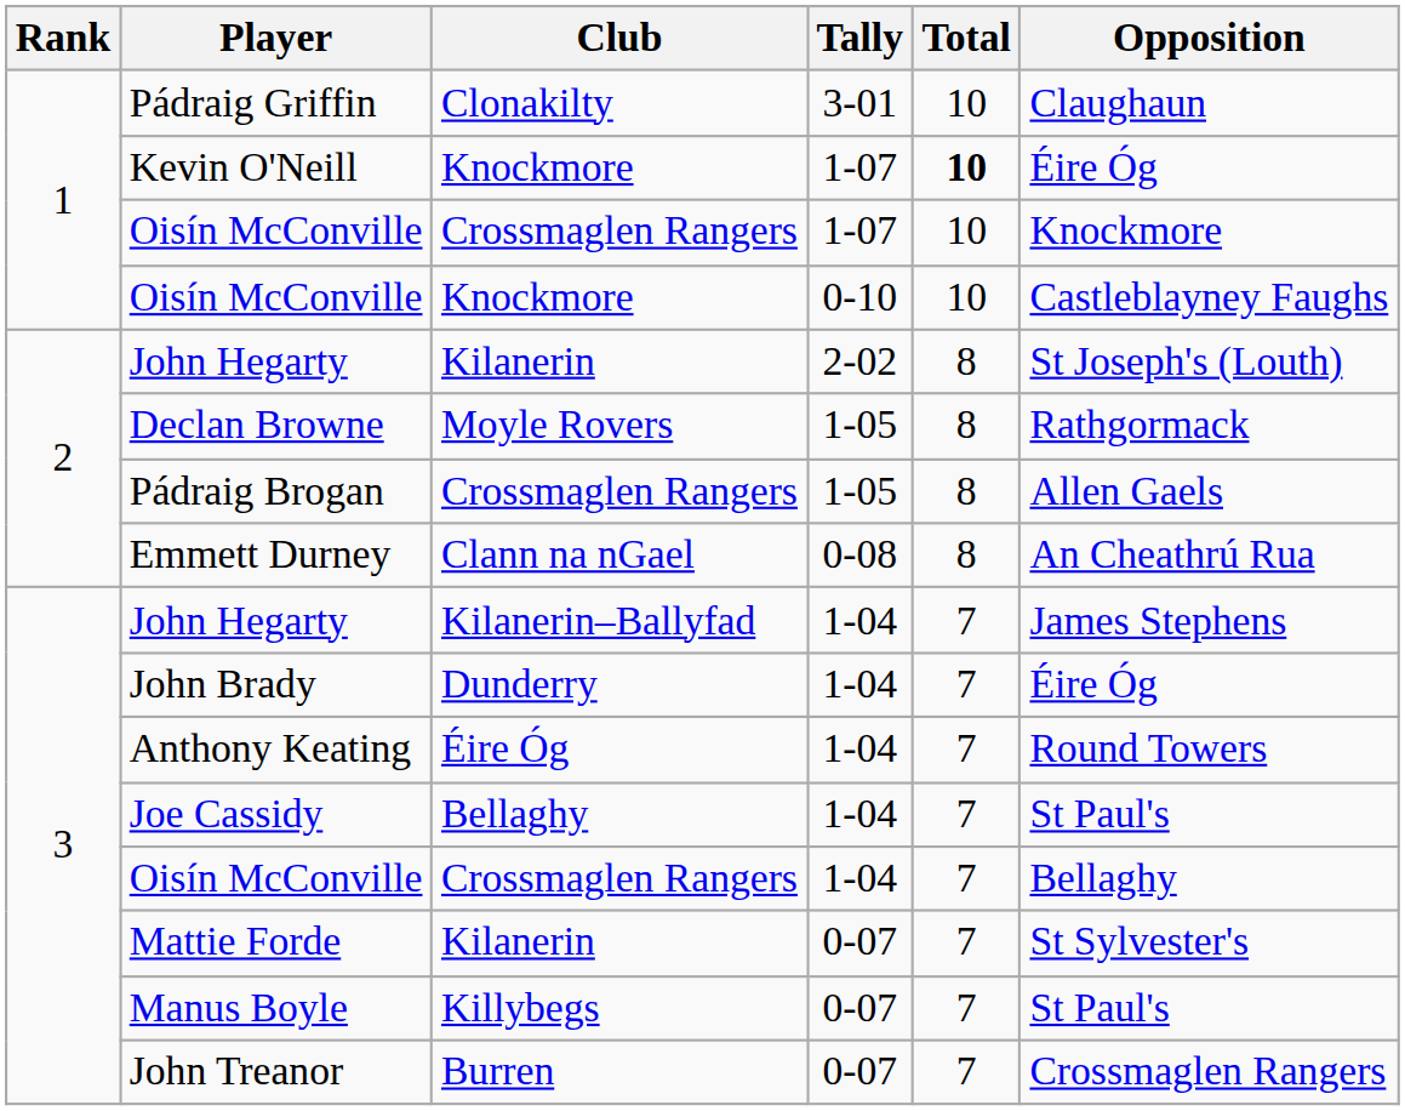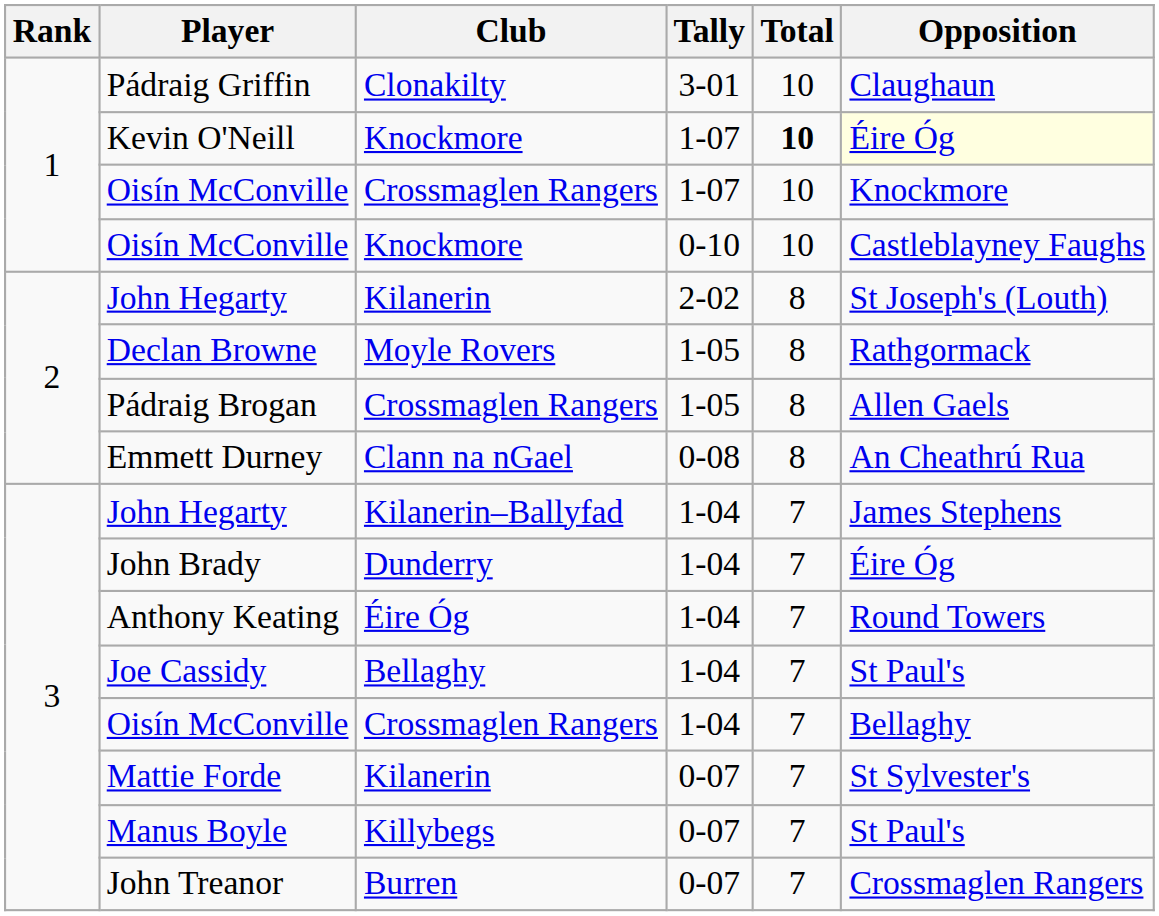 <table class="wikitable">
 <tr>
 <th>Rank</th>
 <th>Player</th>
 <th>Club</th>
 <th>Tally</th>
 <th>Total</th>
 <th>Opposition</th>
 </tr>
 <tr>
 <td rowspan="4" style="text-align:center;">1</td>
 <td>Pádraig Griffin</td>
 <td><a href='#'>Clonakilty</a></td>
 <td align=center>3-01</td>
 <td align=center>10</td>
 <td><a href='#'>Claughaun</a></td>
 </tr>
 <tr>
 <td>Kevin O'Neill</td>
 <td><a href='#'>Knockmore</a></td>
 <td align=center>1-07</td>
 <td align=center><strong>10</strong></td>
-<td><a href='#'>Éire Óg</a></td>
+<td style="background: lightyellow;"><a href='#'>Éire Óg</a></td>
 </tr>
 <tr>
 <td><a href='#'>Oisín McConville</a></td>
 <td><a href='#'>Crossmaglen Rangers</a></td>
 <td align=center>1-07</td>
 <td align=center>10</td>
 <td><a href='#'>Knockmore</a></td>
 </tr>
 <tr>
 <td><a href='#'>Oisín McConville</a></td>
 <td><a href='#'>Knockmore</a></td>
 <td align=center>0-10</td>
 <td align=center>10</td>
 <td><a href='#'>Castleblayney Faughs</a></td>
 </tr>
 <tr>
 <td rowspan="4" style="text-align:center;">2</td>
 <td><a href='#'>John Hegarty</a></td>
 <td><a href='#'>Kilanerin</a></td>
 <td align=center>2-02</td>
 <td align=center>8</td>
 <td><a href='#'>St Joseph's (Louth)</a></td>
 </tr>
 <tr>
 <td><a href='#'>Declan Browne</a></td>
 <td><a href='#'>Moyle Rovers</a></td>
 <td align=center>1-05</td>
 <td align=center>8</td>
 <td><a href='#'>Rathgormack</a></td>
 </tr>
 <tr>
 <td>Pádraig Brogan</td>
 <td><a href='#'>Crossmaglen Rangers</a></td>
 <td align=center>1-05</td>
 <td align=center>8</td>
 <td><a href='#'>Allen Gaels</a></td>
 </tr>
 <tr>
 <td>Emmett Durney</td>
 <td><a href='#'>Clann na nGael</a></td>
 <td align=center>0-08</td>
 <td align=center>8</td>
 <td><a href='#'>An Cheathrú Rua</a></td>
 </tr>
 <tr>
 <td rowspan="8" style="text-align:center;">3</td>
 <td><a href='#'>John Hegarty</a></td>
 <td><a href='#'>Kilanerin–Ballyfad</a></td>
 <td align=center>1-04</td>
 <td align=center>7</td>
 <td><a href='#'>James Stephens</a></td>
 </tr>
 <tr>
 <td>John Brady</td>
 <td><a href='#'>Dunderry</a></td>
 <td align=center>1-04</td>
 <td align=center>7</td>
 <td><a href='#'>Éire Óg</a></td>
 </tr>
 <tr>
 <td>Anthony Keating</td>
 <td><a href='#'>Éire Óg</a></td>
 <td align=center>1-04</td>
 <td align=center>7</td>
 <td><a href='#'>Round Towers</a></td>
 </tr>
 <tr>
 <td><a href='#'>Joe Cassidy</a></td>
 <td><a href='#'>Bellaghy</a></td>
 <td align=center>1-04</td>
 <td align=center>7</td>
 <td><a href='#'>St Paul's</a></td>
 </tr>
 <tr>
 <td><a href='#'>Oisín McConville</a></td>
 <td><a href='#'>Crossmaglen Rangers</a></td>
 <td align=center>1-04</td>
 <td align=center>7</td>
 <td><a href='#'>Bellaghy</a></td>
 </tr>
 <tr>
 <td><a href='#'>Mattie Forde</a></td>
 <td><a href='#'>Kilanerin</a></td>
 <td align=center>0-07</td>
 <td align=center>7</td>
 <td><a href='#'>St Sylvester's</a></td>
 </tr>
 <tr>
 <td><a href='#'>Manus Boyle</a></td>
 <td><a href='#'>Killybegs</a></td>
 <td align=center>0-07</td>
 <td align=center>7</td>
 <td><a href='#'>St Paul's</a></td>
 </tr>
 <tr>
 <td>John Treanor</td>
 <td><a href='#'>Burren</a></td>
 <td align=center>0-07</td>
 <td align=center>7</td>
 <td><a href='#'>Crossmaglen Rangers</a></td>
 </tr>
 </table>
